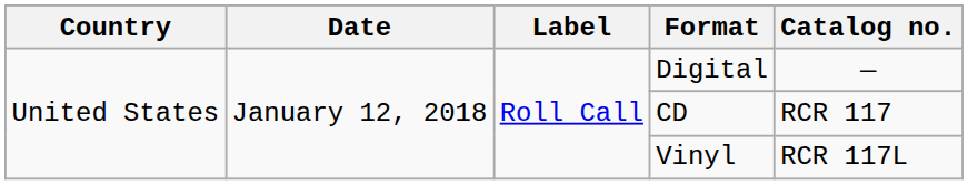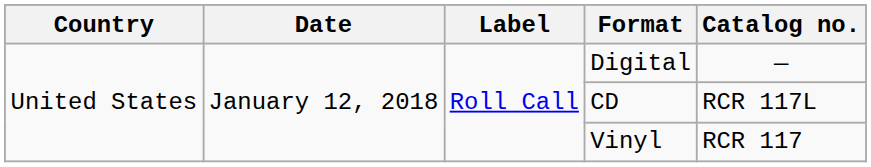 <table class="wikitable plainrowheaders">
 <tr>
 <th>Country</th>
 <th>Date</th>
 <th>Label</th>
 <th>Format</th>
 <th>Catalog no.</th>
 </tr>
 <tr>
 <td scope="row" rowspan="3">United States</td>
 <td scope="row" rowspan="3">January 12, 2018</td>
 <td scope="row" rowspan="3"><a href='#'>Roll Call</a></td>
 <td>Digital</td>
 <td style="text-align:center;">—</td>
 </tr>
 <tr>
 <td>CD</td>
-<td>RCR 117</td>
+<td>RCR 117L</td>
 </tr>
 <tr>
 <td>Vinyl</td>
-<td>RCR 117L</td>
+<td>RCR 117</td>
 </tr>
 </table>
